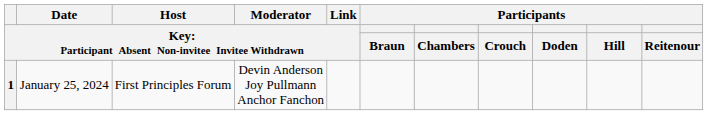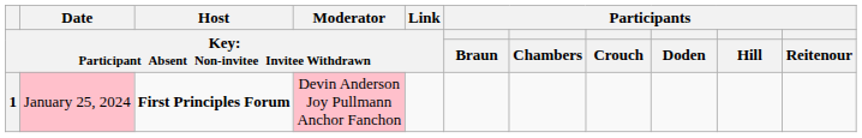 <table class="wikitable" style="text-align:center;">
 <tr>
 <th scope="col"></th>
 <th scope="col">Date</th>
 <th scope="col">Host</th>
 <th scope="col">Moderator</th>
 <th scope="col">Link</th>
 <th colspan="8" scope="col">Participants</th>
 </tr>
 <tr>
 <th colspan="5" rowspan="2">Key:<br> <small>Participant </small>  <small>Absent </small>  <small>Non-invitee </small>  <small>Invitee  Withdrawn</small></th>
 <th scope="col" style="background:"></th>
 <th scope="col" style="background:"></th>
 <th scope="col" style="background:"></th>
 <th scope="col" style="background:"></th>
 <th scope="col" style="background:"></th>
 <th scope="col" style="background:"></th>
 </tr>
 <tr>
 <th scope="col" style="width:60px;">Braun</th>
 <th scope="col" style="width:60px;">Chambers</th>
 <th scope="col" style="width:60px;">Crouch</th>
 <th scope="col" style="width:60px;">Doden</th>
 <th scope="col" style="width:60px;">Hill</th>
 <th scope="col" style="width:60px;">Reitenour</th>
 </tr>
 <tr>
 <th scope="row">1</th>
-<td style="white-space:nowrap;">January 25, 2024</td>
-<td style="white-space:nowrap;">First Principles Forum</td>
-<td style="white-space:nowrap;">Devin Anderson<br>Joy Pullmann<br>Anchor Fanchon</td>
+<td style="background: pink; white-space:nowrap;">January 25, 2024</td>
+<td style="white-space:nowrap;"><strong>First Principles Forum</strong></td>
+<td style="background: pink; white-space:nowrap;">Devin Anderson<br>Joy Pullmann<br>Anchor Fanchon</td>
 <td style="white-space:nowrap;"></td>
 <td></td>
 <td></td>
 <td></td>
 <td></td>
 <td></td>
 <td></td>
 </tr>
 </table>
